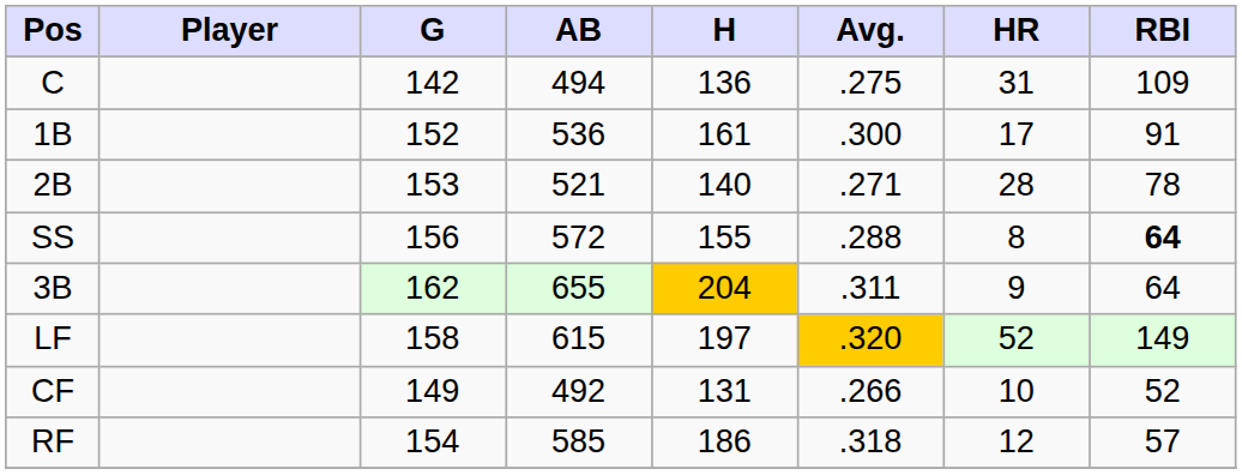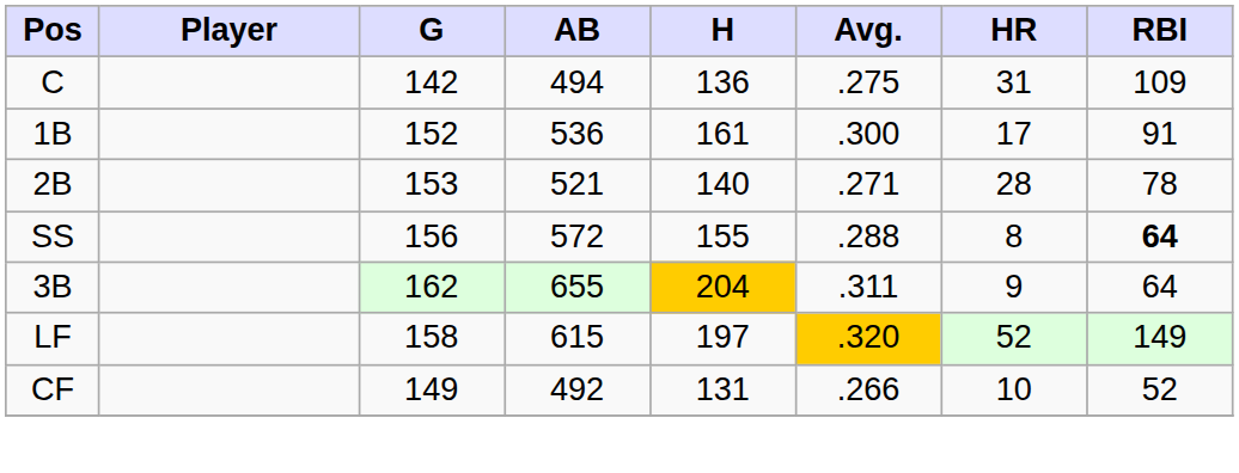 <table class="wikitable sortable">
 <tr>
 <th style="background:#ddf; width:5%;">Pos</th>
 <th style="background:#ddf; width:16%;">Player</th>
 <th style="background:#ddf; width:9%;">G</th>
 <th style="background:#ddf; width:9%;">AB</th>
 <th style="background:#ddf; width:9%;">H</th>
 <th style="background:#ddf; width:9%;">Avg.</th>
 <th style="background:#ddf; width:9%;">HR</th>
 <th style="background:#ddf; width:9%;">RBI</th>
 </tr>
 <tr style="text-align:center;">
 <td>C</td>
 <td></td>
 <td>142</td>
 <td>494</td>
 <td>136</td>
 <td>.275</td>
 <td>31</td>
 <td>109</td>
 </tr>
 <tr style="text-align:center;">
 <td>1B</td>
 <td></td>
 <td>152</td>
 <td>536</td>
 <td>161</td>
 <td>.300</td>
 <td>17</td>
 <td>91</td>
 </tr>
 <tr style="text-align:center;">
 <td>2B</td>
 <td></td>
 <td>153</td>
 <td>521</td>
 <td>140</td>
 <td>.271</td>
 <td>28</td>
 <td>78</td>
 </tr>
 <tr style="text-align:center;">
 <td>SS</td>
 <td></td>
 <td>156</td>
 <td>572</td>
 <td>155</td>
 <td>.288</td>
 <td>8</td>
 <td><strong>64</strong></td>
 </tr>
 <tr style="text-align:center;">
 <td>3B</td>
 <td></td>
 <td style="background:#DDFFDD;">162</td>
 <td style="background:#DDFFDD;">655</td>
 <td style="background:#fc0;">204</td>
 <td>.311</td>
 <td>9</td>
 <td>64</td>
 </tr>
 <tr style="text-align:center;">
 <td>LF</td>
 <td></td>
 <td>158</td>
 <td>615</td>
 <td>197</td>
 <td style="background:#fc0;">.320</td>
 <td style="background:#DDFFDD;">52</td>
 <td style="background:#DDFFDD;">149</td>
 </tr>
 <tr style="text-align:center;">
 <td>CF</td>
 <td></td>
 <td>149</td>
 <td>492</td>
 <td>131</td>
 <td>.266</td>
 <td>10</td>
 <td>52</td>
 </tr>
 <tr style="text-align:center;">
-<td>RF</td>
-<td></td>
-<td>154</td>
-<td>585</td>
-<td>186</td>
-<td>.318</td>
-<td>12</td>
-<td>57</td>
-</tr>
-<tr style="text-align:center;">
 </tr>
 </table>
